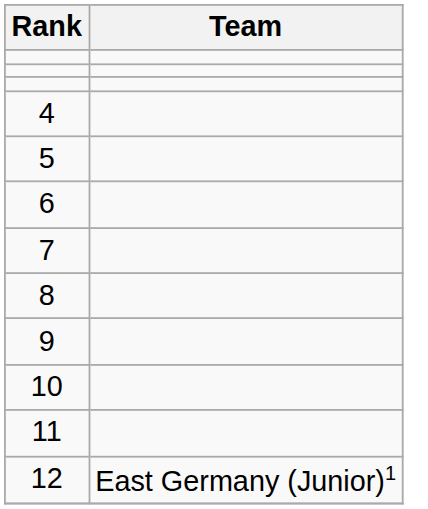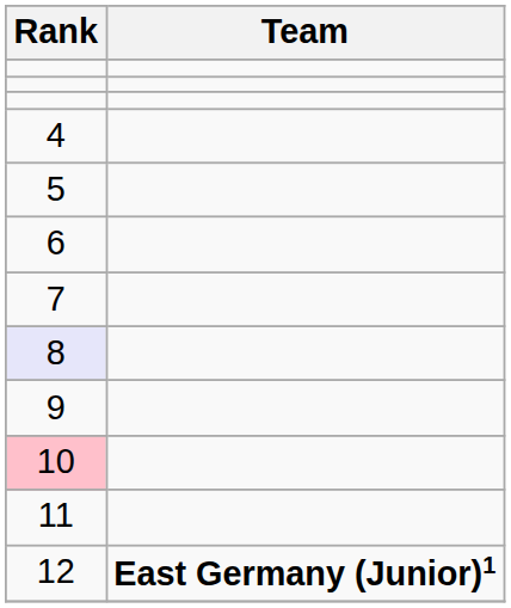 <table class="wikitable">
 <tr>
 <th>Rank</th>
 <th>Team</th>
 </tr>
 <tr>
 <td align=center></td>
 <td></td>
 </tr>
 <tr>
 <td align=center></td>
 <td></td>
 </tr>
 <tr>
 <td align=center></td>
 <td></td>
 </tr>
 <tr>
 <td align=center>4</td>
 <td></td>
 </tr>
 <tr>
 <td align=center>5</td>
 <td></td>
 </tr>
 <tr>
 <td align=center>6</td>
 <td></td>
 </tr>
 <tr>
 <td align=center>7</td>
 <td></td>
 </tr>
 <tr>
-<td align=center>8</td>
+<td align=center style="background: lavender;">8</td>
 <td></td>
 </tr>
 <tr>
 <td align=center>9</td>
 <td></td>
 </tr>
 <tr>
-<td align=center>10</td>
+<td align=center style="background: pink;">10</td>
 <td></td>
 </tr>
 <tr>
 <td align=center>11</td>
 <td></td>
 </tr>
 <tr>
 <td align=center>12</td>
-<td> East Germany (Junior)<small><sup>1</sup></small></td>
+<td><strong> East Germany (Junior)<small><sup>1</sup></small></strong></td>
 </tr>
 <tr>
 </tr>
 </table>
